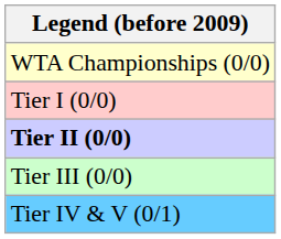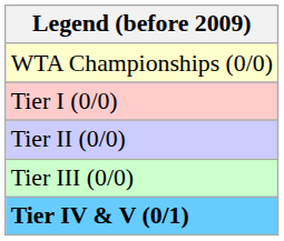 <table class="wikitable">
 <tr>
 <th>Legend (before 2009)</th>
 </tr>
 <tr>
 <td align="center" colspan="2" style="background:#ffc;">WTA Championships (0/0)</td>
 </tr>
 <tr>
 <td bgcolor="#ffcccc">Tier I (0/0)</td>
 </tr>
 <tr>
-<td bgcolor="#ccccff"><strong>Tier II (0/0)</strong></td>
+<td bgcolor="#ccccff">Tier II (0/0)</td>
 </tr>
 <tr>
 <td bgcolor="#CCFFCC">Tier III (0/0)</td>
 </tr>
 <tr>
-<td bgcolor="#66CCFF">Tier IV & V (0/1)</td>
+<td bgcolor="#66CCFF"><strong>Tier IV & V (0/1)</strong></td>
 </tr>
 </table>
